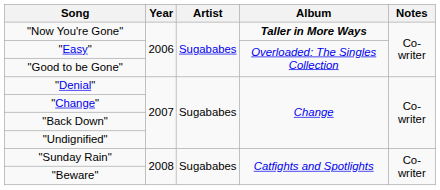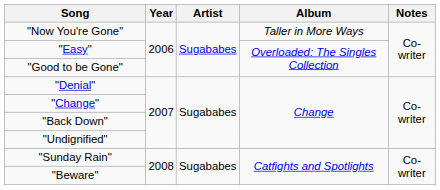 <table class="wikitable plainrowheaders" style="text-align:center;">
 <tr>
 <th scope="col" style="width:12em;">Song</th>
 <th scope="col">Year</th>
 <th scope="col">Artist</th>
 <th scope="col">Album</th>
 <th scope="col">Notes</th>
 </tr>
 <tr>
 <td scope="row">"Now You're Gone"</td>
 <td rowspan="3">2006</td>
 <td rowspan="3"><a href='#'>Sugababes</a></td>
-<td><strong><em>Taller in More Ways</em></strong></td>
+<td><em>Taller in More Ways</em></td>
 <td rowspan="3">Co-writer</td>
 </tr>
 <tr>
 <td>"<a href='#'>Easy</a>"</td>
 <td rowspan="2"><em><a href='#'>Overloaded: The Singles Collection</a></em></td>
 </tr>
 <tr>
 <td>"Good to be Gone"</td>
 </tr>
 <tr>
 <td scope="row">"<a href='#'>Denial</a>"</td>
 <td rowspan="4">2007</td>
 <td rowspan="4">Sugababes</td>
 <td rowspan="4"><em><a href='#'>Change</a></em></td>
 <td rowspan="4">Co-writer</td>
 </tr>
 <tr>
 <td>"<a href='#'>Change</a>"</td>
 </tr>
 <tr>
 <td>"Back Down"</td>
 </tr>
 <tr>
 <td>"Undignified"</td>
 </tr>
 <tr>
 <td scope="row">"Sunday Rain"</td>
 <td rowspan="2">2008</td>
 <td rowspan="2">Sugababes</td>
 <td rowspan="2"><em><a href='#'>Catfights and Spotlights</a></em></td>
 <td rowspan="2">Co-writer</td>
 </tr>
 <tr>
 <td>"Beware"</td>
 </tr>
 </table>
